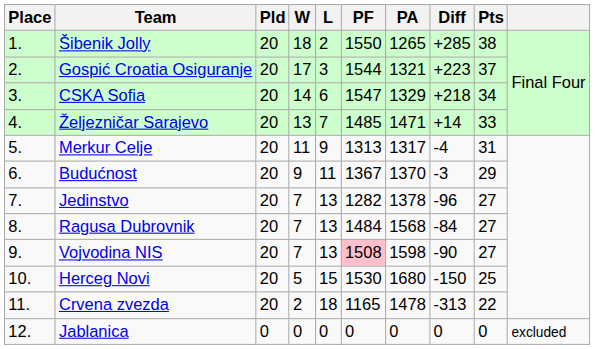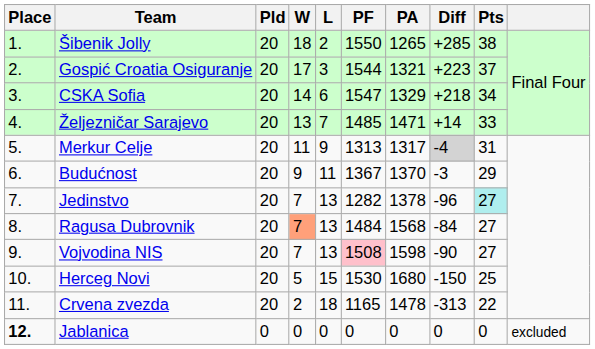 <table class="wikitable">
 <tr>
 <th>Place</th>
 <th>Team</th>
 <th>Pld</th>
 <th>W</th>
 <th>L</th>
 <th>PF</th>
 <th>PA</th>
 <th>Diff</th>
 <th>Pts</th>
 <th></th>
 </tr>
 <tr bgcolor=#ccffcc>
 <td>1.</td>
 <td> <a href='#'>Šibenik Jolly</a></td>
 <td>20</td>
 <td>18</td>
 <td>2</td>
 <td>1550</td>
 <td>1265</td>
 <td>+285</td>
 <td>38</td>
 <td rowspan="4">Final Four</td>
 </tr>
 <tr bgcolor=#ccffcc>
 <td>2.</td>
 <td> <a href='#'>Gospić Croatia Osiguranje</a></td>
 <td>20</td>
 <td>17</td>
 <td>3</td>
 <td>1544</td>
 <td>1321</td>
 <td>+223</td>
 <td>37</td>
 </tr>
 <tr bgcolor=#ccffcc>
 <td>3.</td>
 <td> <a href='#'>CSKA Sofia</a></td>
 <td>20</td>
 <td>14</td>
 <td>6</td>
 <td>1547</td>
 <td>1329</td>
 <td>+218</td>
 <td>34</td>
 </tr>
 <tr bgcolor=#ccffcc>
 <td>4.</td>
 <td> <a href='#'>Željezničar Sarajevo</a></td>
 <td>20</td>
 <td>13</td>
 <td>7</td>
 <td>1485</td>
 <td>1471</td>
 <td>+14</td>
 <td>33</td>
 </tr>
 <tr>
 <td>5.</td>
 <td> <a href='#'>Merkur Celje</a></td>
 <td>20</td>
 <td>11</td>
 <td>9</td>
 <td>1313</td>
 <td>1317</td>
-<td>-4</td>
+<td style="background: lightgrey;">-4</td>
 <td>31</td>
 <td rowspan="7"></td>
 </tr>
 <tr>
 <td>6.</td>
 <td> <a href='#'>Budućnost</a></td>
 <td>20</td>
 <td>9</td>
 <td>11</td>
 <td>1367</td>
 <td>1370</td>
 <td>-3</td>
 <td>29</td>
 </tr>
 <tr>
 <td>7.</td>
 <td> <a href='#'>Jedinstvo</a></td>
 <td>20</td>
 <td>7</td>
 <td>13</td>
 <td>1282</td>
 <td>1378</td>
 <td>-96</td>
-<td>27</td>
+<td style="background: paleturquoise;">27</td>
 </tr>
 <tr>
 <td>8.</td>
 <td> <a href='#'>Ragusa Dubrovnik</a></td>
 <td>20</td>
-<td>7</td>
+<td style="background: lightsalmon;">7</td>
 <td>13</td>
 <td>1484</td>
 <td>1568</td>
 <td>-84</td>
 <td>27</td>
 </tr>
 <tr>
 <td>9.</td>
 <td> <a href='#'>Vojvodina NIS</a></td>
 <td>20</td>
 <td>7</td>
 <td>13</td>
 <td style="background: pink;">1508</td>
 <td>1598</td>
 <td>-90</td>
 <td>27</td>
 </tr>
 <tr>
 <td>10.</td>
 <td> <a href='#'>Herceg Novi</a></td>
 <td>20</td>
 <td>5</td>
 <td>15</td>
 <td>1530</td>
 <td>1680</td>
 <td>-150</td>
 <td>25</td>
 </tr>
 <tr>
 <td>11.</td>
 <td> <a href='#'>Crvena zvezda</a></td>
 <td>20</td>
 <td>2</td>
 <td>18</td>
 <td>1165</td>
 <td>1478</td>
 <td>-313</td>
 <td>22</td>
 </tr>
 <tr>
-<td>12.</td>
+<td><strong>12.</strong></td>
 <td> <a href='#'>Jablanica</a></td>
 <td>0</td>
 <td>0</td>
 <td>0</td>
 <td>0</td>
 <td>0</td>
 <td>0</td>
 <td>0</td>
 <td><small> excluded </small></td>
 </tr>
 </table>
